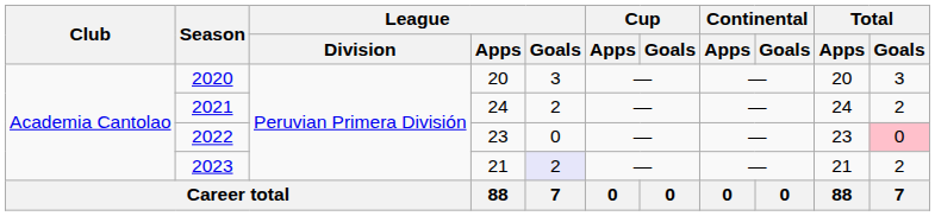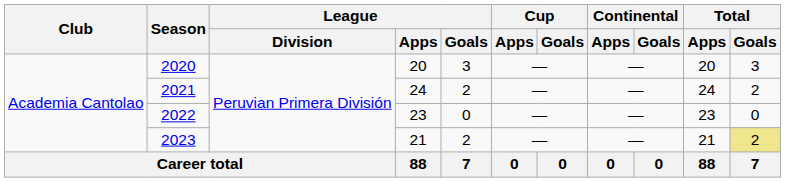 <table class="wikitable" style="text-align: center">
 <tr>
 <th rowspan="2">Club</th>
 <th rowspan="2">Season</th>
 <th colspan="3">League</th>
 <th colspan="2">Cup</th>
 <th colspan="2">Continental</th>
 <th colspan="2">Total</th>
 </tr>
 <tr>
 <th>Division</th>
 <th>Apps</th>
 <th>Goals</th>
 <th>Apps</th>
 <th>Goals</th>
 <th>Apps</th>
 <th>Goals</th>
 <th>Apps</th>
 <th>Goals</th>
 </tr>
 <tr>
 <td rowspan="4"><a href='#'>Academia Cantolao</a></td>
 <td><a href='#'>2020</a></td>
 <td rowspan="4"><a href='#'>Peruvian Primera División</a></td>
 <td>20</td>
 <td>3</td>
 <td colspan="2">—</td>
 <td colspan="2">—</td>
 <td>20</td>
 <td>3</td>
 </tr>
 <tr>
 <td><a href='#'>2021</a></td>
 <td>24</td>
 <td>2</td>
 <td colspan="2">—</td>
 <td colspan="2">—</td>
 <td>24</td>
 <td>2</td>
 </tr>
 <tr>
 <td><a href='#'>2022</a></td>
 <td>23</td>
 <td>0</td>
 <td colspan="2">—</td>
 <td colspan="2">—</td>
 <td>23</td>
-<td style="background: pink;">0</td>
+<td>0</td>
 </tr>
 <tr>
 <td><a href='#'>2023</a></td>
 <td>21</td>
-<td style="background: lavender;">2</td>
+<td>2</td>
 <td colspan="2">—</td>
 <td colspan="2">—</td>
 <td>21</td>
-<td>2</td>
+<td style="background: khaki;">2</td>
 </tr>
 <tr>
 <th colspan="3"><strong>Career total</strong></th>
 <th>88</th>
 <th>7</th>
 <th>0</th>
 <th>0</th>
 <th>0</th>
 <th>0</th>
 <th>88</th>
 <th>7</th>
 </tr>
 </table>
